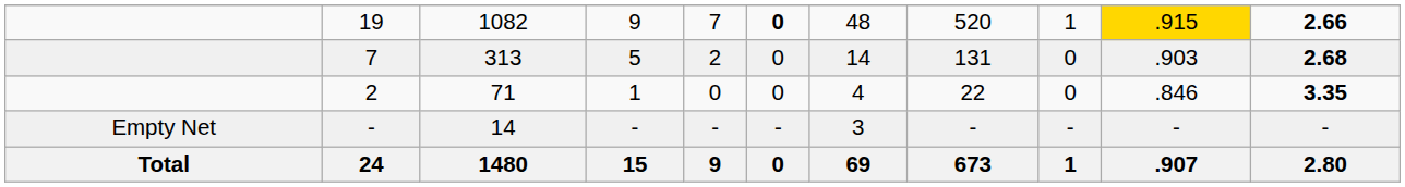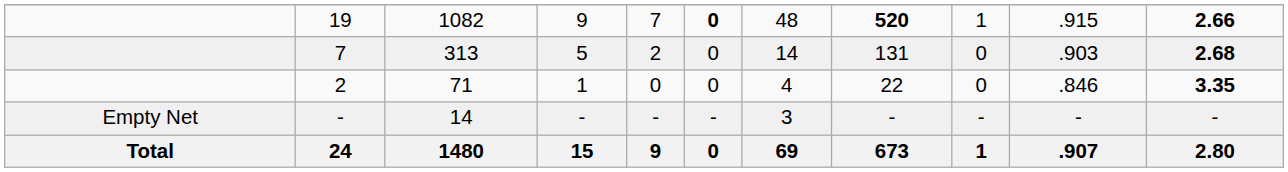 <table class="wikitable sortable" width ="1000">
 <tr align="center">
 </tr>
 <tr align="center">
 <td></td>
 <td>19</td>
 <td>1082</td>
 <td>9</td>
 <td>7</td>
 <td><strong>0</strong></td>
 <td>48</td>
-<td>520</td>
+<td><strong>520</strong></td>
 <td>1</td>
-<td style="background: gold;">.915</td>
+<td>.915</td>
 <td><strong>2.66</strong></td>
 </tr>
 <tr align="center" bgcolor="f0f0f0">
 <td></td>
 <td>7</td>
 <td>313</td>
 <td>5</td>
 <td>2</td>
 <td>0</td>
 <td>14</td>
 <td>131</td>
 <td>0</td>
 <td>.903</td>
 <td><strong>2.68</strong></td>
 </tr>
 <tr align="center" bgcolor="">
 <td></td>
 <td>2</td>
 <td>71</td>
 <td>1</td>
 <td>0</td>
 <td>0</td>
 <td>4</td>
 <td>22</td>
 <td>0</td>
 <td>.846</td>
 <td><strong>3.35</strong></td>
 </tr>
 <tr align="center" bgcolor="f0f0f0">
 <td>Empty Net</td>
 <td>-</td>
 <td>14</td>
 <td>-</td>
 <td>-</td>
 <td>-</td>
 <td>3</td>
 <td>-</td>
 <td>-</td>
 <td>-</td>
 <td>-</td>
 </tr>
 <tr>
 <th>Total</th>
 <th>24</th>
 <th>1480</th>
 <th>15</th>
 <th>9</th>
 <th>0</th>
 <th>69</th>
 <th>673</th>
 <th>1</th>
 <th>.907</th>
 <th>2.80</th>
 </tr>
 </table>
